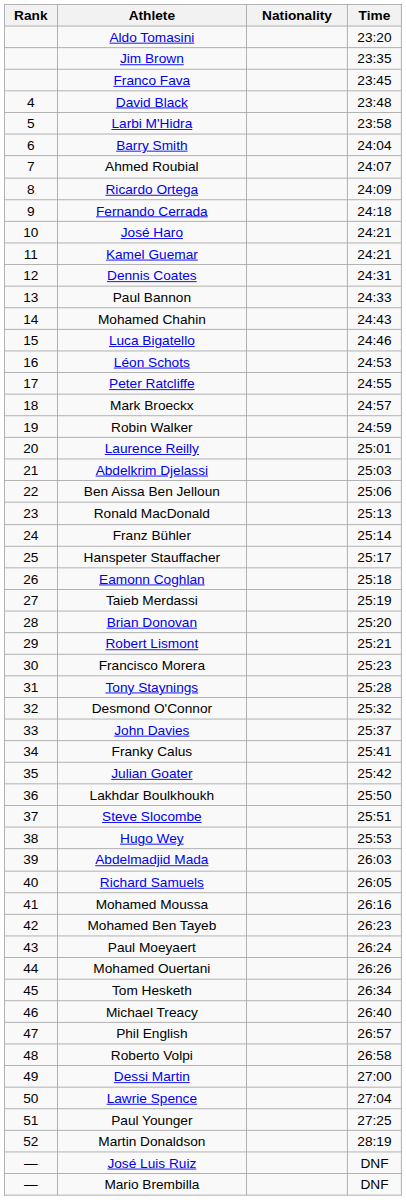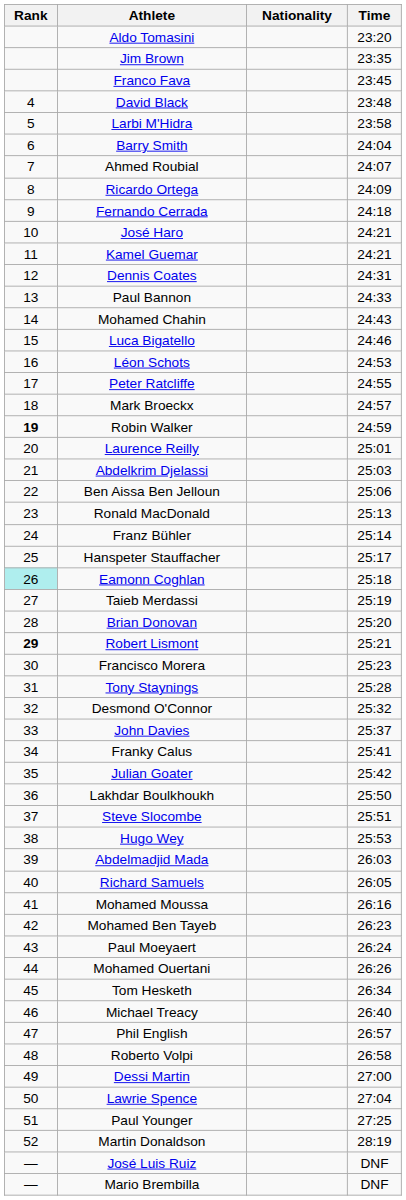 <table class="wikitable sortable" style=" text-align:center; font-size:95%;" width="50%">
 <tr>
 <th>Rank</th>
 <th>Athlete</th>
 <th>Nationality</th>
 <th>Time</th>
 </tr>
 <tr>
 <td align=center></td>
 <td><a href='#'>Aldo Tomasini</a></td>
 <td></td>
 <td>23:20</td>
 </tr>
 <tr>
 <td align=center></td>
 <td><a href='#'>Jim Brown</a></td>
 <td></td>
 <td>23:35</td>
 </tr>
 <tr>
 <td align=center></td>
 <td><a href='#'>Franco Fava</a></td>
 <td></td>
 <td>23:45</td>
 </tr>
 <tr>
 <td align=center>4</td>
 <td><a href='#'>David Black</a></td>
 <td></td>
 <td>23:48</td>
 </tr>
 <tr>
 <td align=center>5</td>
 <td><a href='#'>Larbi M'Hidra</a></td>
 <td></td>
 <td>23:58</td>
 </tr>
 <tr>
 <td align=center>6</td>
 <td><a href='#'>Barry Smith</a></td>
 <td></td>
 <td>24:04</td>
 </tr>
 <tr>
 <td align=center>7</td>
 <td>Ahmed Roubial</td>
 <td></td>
 <td>24:07</td>
 </tr>
 <tr>
 <td align=center>8</td>
 <td><a href='#'>Ricardo Ortega</a></td>
 <td></td>
 <td>24:09</td>
 </tr>
 <tr>
 <td align=center>9</td>
 <td><a href='#'>Fernando Cerrada</a></td>
 <td></td>
 <td>24:18</td>
 </tr>
 <tr>
 <td align=center>10</td>
 <td><a href='#'>José Haro</a></td>
 <td></td>
 <td>24:21</td>
 </tr>
 <tr>
 <td align=center>11</td>
 <td><a href='#'>Kamel Guemar</a></td>
 <td></td>
 <td>24:21</td>
 </tr>
 <tr>
 <td align=center>12</td>
 <td><a href='#'>Dennis Coates</a></td>
 <td></td>
 <td>24:31</td>
 </tr>
 <tr>
 <td align=center>13</td>
 <td>Paul Bannon</td>
 <td></td>
 <td>24:33</td>
 </tr>
 <tr>
 <td align=center>14</td>
 <td>Mohamed Chahin</td>
 <td></td>
 <td>24:43</td>
 </tr>
 <tr>
 <td align=center>15</td>
 <td><a href='#'>Luca Bigatello</a></td>
 <td></td>
 <td>24:46</td>
 </tr>
 <tr>
 <td align=center>16</td>
 <td><a href='#'>Léon Schots</a></td>
 <td></td>
 <td>24:53</td>
 </tr>
 <tr>
 <td align=center>17</td>
 <td><a href='#'>Peter Ratcliffe</a></td>
 <td></td>
 <td>24:55</td>
 </tr>
 <tr>
 <td align=center>18</td>
 <td>Mark Broeckx</td>
 <td></td>
 <td>24:57</td>
 </tr>
 <tr>
-<td align=center>19</td>
+<td align=center><strong>19</strong></td>
 <td>Robin Walker</td>
 <td></td>
 <td>24:59</td>
 </tr>
 <tr>
 <td align=center>20</td>
 <td><a href='#'>Laurence Reilly</a></td>
 <td></td>
 <td>25:01</td>
 </tr>
 <tr>
 <td align=center>21</td>
 <td><a href='#'>Abdelkrim Djelassi</a></td>
 <td></td>
 <td>25:03</td>
 </tr>
 <tr>
 <td align=center>22</td>
 <td>Ben Aissa Ben Jelloun</td>
 <td></td>
 <td>25:06</td>
 </tr>
 <tr>
 <td align=center>23</td>
 <td>Ronald MacDonald</td>
 <td></td>
 <td>25:13</td>
 </tr>
 <tr>
 <td align=center>24</td>
 <td>Franz Bühler</td>
 <td></td>
 <td>25:14</td>
 </tr>
 <tr>
 <td align=center>25</td>
 <td>Hanspeter Stauffacher</td>
 <td></td>
 <td>25:17</td>
 </tr>
 <tr>
-<td align=center>26</td>
+<td align=center style="background: paleturquoise;">26</td>
 <td><a href='#'>Eamonn Coghlan</a></td>
 <td></td>
 <td>25:18</td>
 </tr>
 <tr>
 <td align=center>27</td>
 <td>Taieb Merdassi</td>
 <td></td>
 <td>25:19</td>
 </tr>
 <tr>
 <td align=center>28</td>
 <td><a href='#'>Brian Donovan</a></td>
 <td></td>
 <td>25:20</td>
 </tr>
 <tr>
-<td align=center>29</td>
+<td align=center><strong>29</strong></td>
 <td><a href='#'>Robert Lismont</a></td>
 <td></td>
 <td>25:21</td>
 </tr>
 <tr>
 <td align=center>30</td>
 <td>Francisco Morera</td>
 <td></td>
 <td>25:23</td>
 </tr>
 <tr>
 <td align=center>31</td>
 <td><a href='#'>Tony Staynings</a></td>
 <td></td>
 <td>25:28</td>
 </tr>
 <tr>
 <td align=center>32</td>
 <td>Desmond O'Connor</td>
 <td></td>
 <td>25:32</td>
 </tr>
 <tr>
 <td align=center>33</td>
 <td><a href='#'>John Davies</a></td>
 <td></td>
 <td>25:37</td>
 </tr>
 <tr>
 <td align=center>34</td>
 <td>Franky Calus</td>
 <td></td>
 <td>25:41</td>
 </tr>
 <tr>
 <td align=center>35</td>
 <td><a href='#'>Julian Goater</a></td>
 <td></td>
 <td>25:42</td>
 </tr>
 <tr>
 <td align=center>36</td>
 <td>Lakhdar Boulkhoukh</td>
 <td></td>
 <td>25:50</td>
 </tr>
 <tr>
 <td align=center>37</td>
 <td><a href='#'>Steve Slocombe</a></td>
 <td></td>
 <td>25:51</td>
 </tr>
 <tr>
 <td align=center>38</td>
 <td><a href='#'>Hugo Wey</a></td>
 <td></td>
 <td>25:53</td>
 </tr>
 <tr>
 <td align=center>39</td>
 <td><a href='#'>Abdelmadjid Mada</a></td>
 <td></td>
 <td>26:03</td>
 </tr>
 <tr>
 <td align=center>40</td>
 <td><a href='#'>Richard Samuels</a></td>
 <td></td>
 <td>26:05</td>
 </tr>
 <tr>
 <td align=center>41</td>
 <td>Mohamed Moussa</td>
 <td></td>
 <td>26:16</td>
 </tr>
 <tr>
 <td align=center>42</td>
 <td>Mohamed Ben Tayeb</td>
 <td></td>
 <td>26:23</td>
 </tr>
 <tr>
 <td align=center>43</td>
 <td>Paul Moeyaert</td>
 <td></td>
 <td>26:24</td>
 </tr>
 <tr>
 <td align=center>44</td>
 <td>Mohamed Ouertani</td>
 <td></td>
 <td>26:26</td>
 </tr>
 <tr>
 <td align=center>45</td>
 <td>Tom Hesketh</td>
 <td></td>
 <td>26:34</td>
 </tr>
 <tr>
 <td align=center>46</td>
 <td>Michael Treacy</td>
 <td></td>
 <td>26:40</td>
 </tr>
 <tr>
 <td align=center>47</td>
 <td>Phil English</td>
 <td></td>
 <td>26:57</td>
 </tr>
 <tr>
 <td align=center>48</td>
 <td>Roberto Volpi</td>
 <td></td>
 <td>26:58</td>
 </tr>
 <tr>
 <td align=center>49</td>
 <td><a href='#'>Dessi Martin</a></td>
 <td></td>
 <td>27:00</td>
 </tr>
 <tr>
 <td align=center>50</td>
 <td><a href='#'>Lawrie Spence</a></td>
 <td></td>
 <td>27:04</td>
 </tr>
 <tr>
 <td align=center>51</td>
 <td>Paul Younger</td>
 <td></td>
 <td>27:25</td>
 </tr>
 <tr>
 <td align=center>52</td>
 <td>Martin Donaldson</td>
 <td></td>
 <td>28:19</td>
 </tr>
 <tr>
 <td align=center>—</td>
 <td><a href='#'>José Luis Ruiz</a></td>
 <td></td>
 <td>DNF</td>
 </tr>
 <tr>
 <td align=center>—</td>
 <td>Mario Brembilla</td>
 <td></td>
 <td>DNF</td>
 </tr>
 </table>
